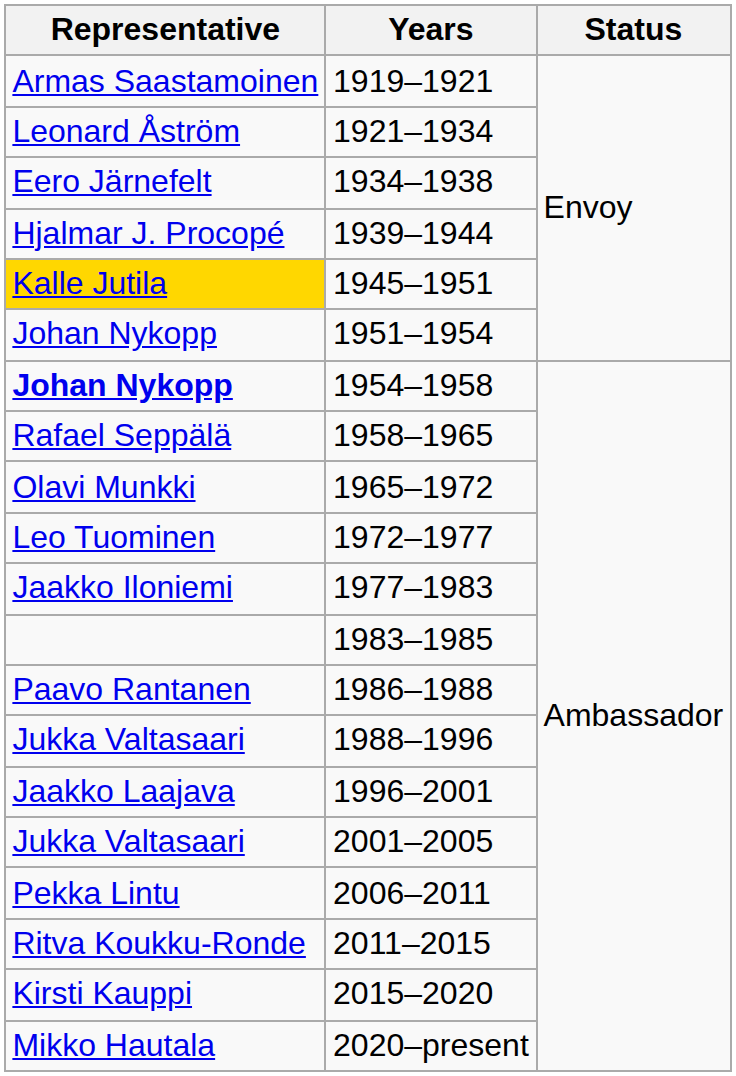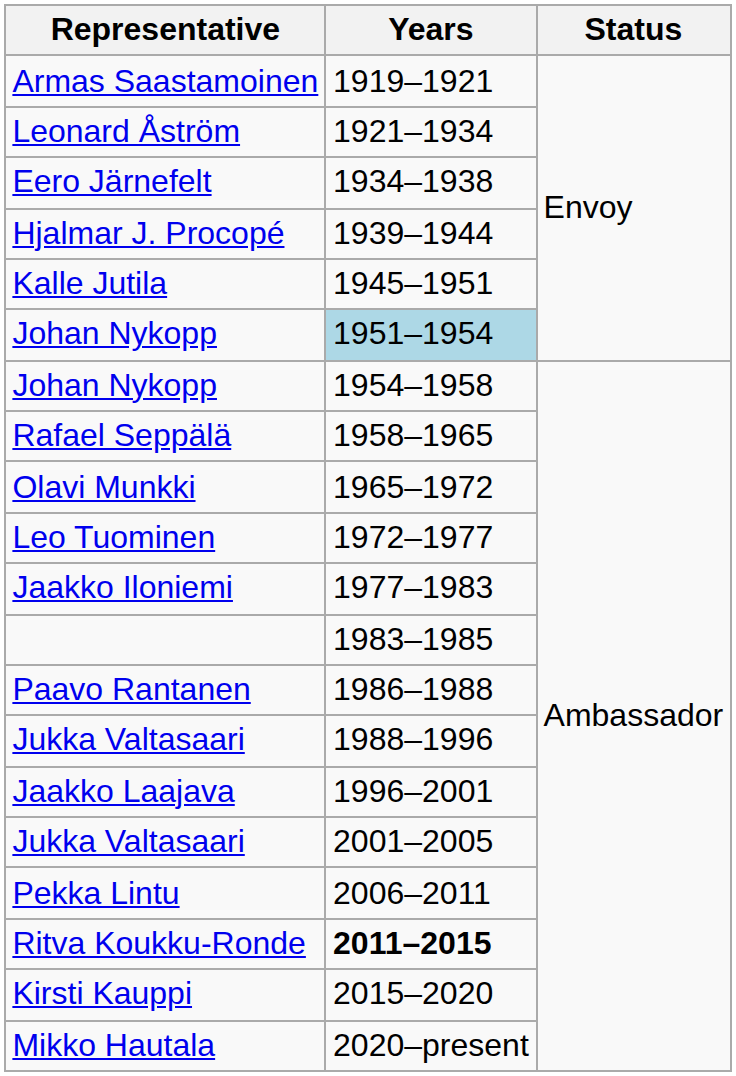 <table class="wikitable sortable">
 <tr>
 <th>Representative</th>
 <th>Years</th>
 <th>Status</th>
 </tr>
 <tr>
 <td><a href='#'>Armas Saastamoinen</a></td>
 <td>1919–1921</td>
 <td rowspan="6">Envoy</td>
 </tr>
 <tr>
 <td><a href='#'>Leonard Åström</a></td>
 <td>1921–1934</td>
 </tr>
 <tr>
 <td><a href='#'>Eero Järnefelt</a></td>
 <td>1934–1938</td>
 </tr>
 <tr>
 <td><a href='#'>Hjalmar J. Procopé</a></td>
 <td>1939–1944</td>
 </tr>
 <tr>
-<td style="background: gold;"><a href='#'>Kalle Jutila</a></td>
+<td><a href='#'>Kalle Jutila</a></td>
 <td>1945–1951</td>
 </tr>
 <tr>
 <td><a href='#'>Johan Nykopp</a></td>
-<td>1951–1954</td>
+<td style="background: lightblue;">1951–1954</td>
 </tr>
 <tr>
-<td><strong><a href='#'>Johan Nykopp</a></strong></td>
+<td><a href='#'>Johan Nykopp</a></td>
 <td>1954–1958</td>
 <td rowspan="14">Ambassador</td>
 </tr>
 <tr>
 <td><a href='#'>Rafael Seppälä</a></td>
 <td>1958–1965</td>
 </tr>
 <tr>
 <td><a href='#'>Olavi Munkki</a></td>
 <td>1965–1972</td>
 </tr>
 <tr>
 <td><a href='#'>Leo Tuominen</a></td>
 <td>1972–1977</td>
 </tr>
 <tr>
 <td><a href='#'>Jaakko Iloniemi</a></td>
 <td>1977–1983</td>
 </tr>
 <tr>
 <td></td>
 <td>1983–1985</td>
 </tr>
 <tr>
 <td><a href='#'>Paavo Rantanen</a></td>
 <td>1986–1988</td>
 </tr>
 <tr>
 <td><a href='#'>Jukka Valtasaari</a></td>
 <td>1988–1996</td>
 </tr>
 <tr>
 <td><a href='#'>Jaakko Laajava</a></td>
 <td>1996–2001</td>
 </tr>
 <tr>
 <td><a href='#'>Jukka Valtasaari</a></td>
 <td>2001–2005</td>
 </tr>
 <tr>
 <td><a href='#'>Pekka Lintu</a></td>
 <td>2006–2011</td>
 </tr>
 <tr>
 <td><a href='#'>Ritva Koukku-Ronde</a></td>
-<td>2011–2015</td>
+<td><strong>2011–2015</strong></td>
 </tr>
 <tr>
 <td><a href='#'>Kirsti Kauppi</a></td>
 <td>2015–2020</td>
 </tr>
 <tr>
 <td><a href='#'>Mikko Hautala</a></td>
 <td>2020–present</td>
 </tr>
 </table>
